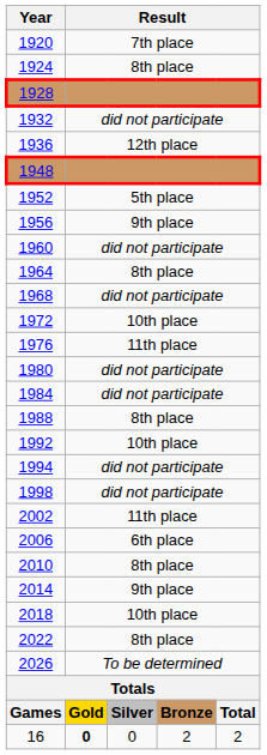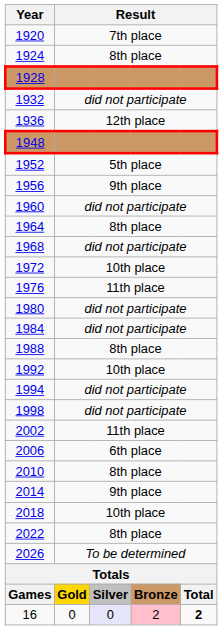 <table class="wikitable" style="text-align:center; font-size:95%;">
 <tr>
 <th>Year</th>
 <th colspan=4>Result</th>
 </tr>
 <tr>
 <td> <a href='#'>1920</a></td>
 <td colspan=4>7th place</td>
 </tr>
 <tr>
 <td> <a href='#'>1924</a></td>
 <td colspan=4>8th place</td>
 </tr>
 <tr style="border: 3px solid red; background:#c96">
 <td> <a href='#'>1928</a></td>
 <td colspan=4></td>
 </tr>
 <tr>
 <td> <a href='#'>1932</a></td>
 <td colspan=4><em>did not participate</em></td>
 </tr>
 <tr>
 <td> <a href='#'>1936</a></td>
 <td colspan=4>12th place</td>
 </tr>
 <tr style="border: 3px solid red; background:#c96">
 <td> <a href='#'>1948</a></td>
 <td colspan=4></td>
 </tr>
 <tr>
 <td> <a href='#'>1952</a></td>
 <td colspan=4>5th place</td>
 </tr>
 <tr>
 <td> <a href='#'>1956</a></td>
 <td colspan=4>9th place</td>
 </tr>
 <tr>
 <td> <a href='#'>1960</a></td>
 <td colspan=4><em>did not participate</em></td>
 </tr>
 <tr>
 <td> <a href='#'>1964</a></td>
 <td colspan=4>8th place</td>
 </tr>
 <tr>
 <td> <a href='#'>1968</a></td>
 <td colspan=4><em>did not participate</em></td>
 </tr>
 <tr>
 <td> <a href='#'>1972</a></td>
 <td colspan=4>10th place</td>
 </tr>
 <tr>
 <td> <a href='#'>1976</a></td>
 <td colspan=4>11th place</td>
 </tr>
 <tr>
 <td> <a href='#'>1980</a></td>
 <td colspan=4><em>did not participate</em></td>
 </tr>
 <tr>
 <td> <a href='#'>1984</a></td>
 <td colspan=4><em>did not participate</em></td>
 </tr>
 <tr>
 <td> <a href='#'>1988</a></td>
 <td colspan=4>8th place</td>
 </tr>
 <tr>
 <td> <a href='#'>1992</a></td>
 <td colspan=4>10th place</td>
 </tr>
 <tr>
 <td> <a href='#'>1994</a></td>
 <td colspan=4><em>did not participate</em></td>
 </tr>
 <tr>
 <td> <a href='#'>1998</a></td>
 <td colspan=4><em>did not participate</em></td>
 </tr>
 <tr>
 <td> <a href='#'>2002</a></td>
 <td colspan=4>11th place</td>
 </tr>
 <tr>
 <td> <a href='#'>2006</a></td>
 <td colspan=4>6th place</td>
 </tr>
 <tr>
 <td> <a href='#'>2010</a></td>
 <td colspan=4>8th place</td>
 </tr>
 <tr>
 <td> <a href='#'>2014</a></td>
 <td colspan=4>9th place</td>
 </tr>
 <tr>
 <td> <a href='#'>2018</a></td>
 <td colspan=4>10th place</td>
 </tr>
 <tr>
 <td> <a href='#'>2022</a></td>
 <td colspan=4>8th place</td>
 </tr>
 <tr>
 <td> <a href='#'>2026</a></td>
 <td colspan=4><em>To be determined</em></td>
 </tr>
 <tr>
 <th colspan=5><strong>Totals</strong></th>
 </tr>
 <tr>
 <th>Games</th>
 <th style="background:gold">Gold</th>
 <th style="background:silver">Silver</th>
 <th style="background:#c96">Bronze</th>
 <th>Total</th>
 </tr>
 <tr>
 <td>16</td>
-<td><strong>0</strong></td>
 <td>0</td>
-<td>2</td>
-<td>2</td>
+<td style="background: lavender;">0</td>
+<td style="background: pink;">2</td>
+<td><strong>2</strong></td>
 </tr>
 </table>
